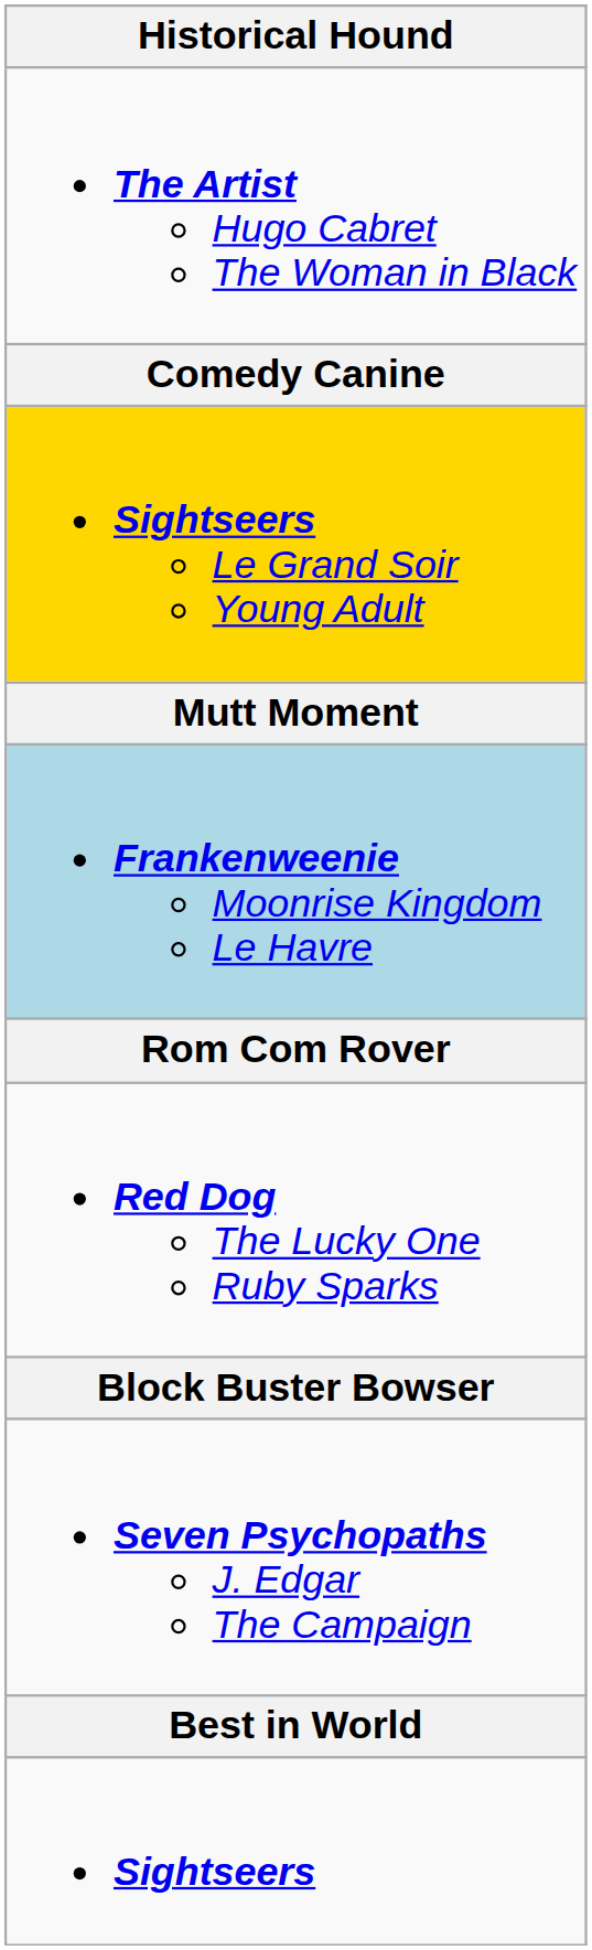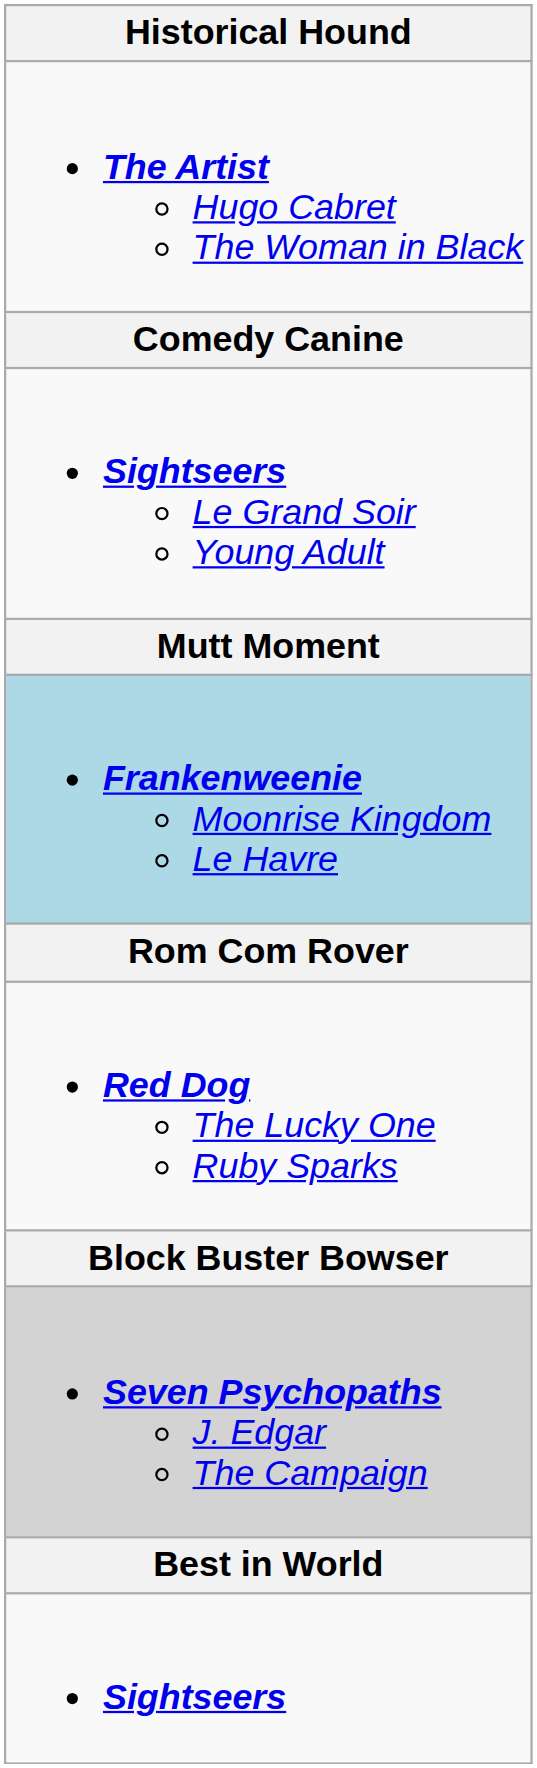 <table class="wikitable">
 <tr>
 <th><strong>Historical Hound</strong></th>
 </tr>
 <tr>
 <td><br><ul><li><strong><a href='#'><em>The Artist</em></a></strong><ul><li><a href='#'><em>Hugo Cabret</em></a></li><li><a href='#'><em>The Woman in Black</em></a></li></ul></li></ul></td>
 </tr>
 <tr>
 <th>Comedy Canine</th>
 </tr>
 <tr>
-<td style="background: gold;"><br><ul><li><strong><em><a href='#'>Sightseers</a></em></strong><ul><li><a href='#'><em>Le Grand Soir</em></a></li><li><a href='#'><em>Young Adult</em></a></li></ul></li></ul></td>
+<td><br><ul><li><strong><em><a href='#'>Sightseers</a></em></strong><ul><li><a href='#'><em>Le Grand Soir</em></a></li><li><a href='#'><em>Young Adult</em></a></li></ul></li></ul></td>
 </tr>
 <tr>
 <th>Mutt Moment</th>
 </tr>
 <tr>
 <td style="background: lightblue;"><br><ul><li><strong><a href='#'><em>Frankenweenie</em></a></strong><ul><li><em><a href='#'>Moonrise Kingdom</a></em></li><li><a href='#'><em>Le Havre</em></a></li></ul></li></ul></td>
 </tr>
 <tr>
 <th>Rom Com Rover</th>
 </tr>
 <tr>
 <td><br><ul><li><strong><a href='#'><em>Red Dog</em></a></strong><ul><li><a href='#'><em>The Lucky One</em></a></li><li><em><a href='#'>Ruby Sparks</a></em></li></ul></li></ul></td>
 </tr>
 <tr>
 <th>Block Buster Bowser</th>
 </tr>
 <tr>
-<td><br><ul><li><strong><em><a href='#'>Seven Psychopaths</a></em></strong><ul><li><em><a href='#'>J. Edgar</a></em></li><li><a href='#'><em>The Campaign</em></a></li></ul></li></ul></td>
+<td style="background: lightgrey;"><br><ul><li><strong><em><a href='#'>Seven Psychopaths</a></em></strong><ul><li><em><a href='#'>J. Edgar</a></em></li><li><a href='#'><em>The Campaign</em></a></li></ul></li></ul></td>
 </tr>
 <tr>
 <th>Best in World</th>
 </tr>
 <tr>
 <td><br><ul><li><strong><em><a href='#'>Sightseers</a></em></strong></li></ul></td>
 </tr>
 </table>
